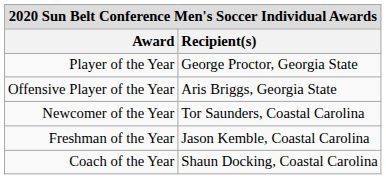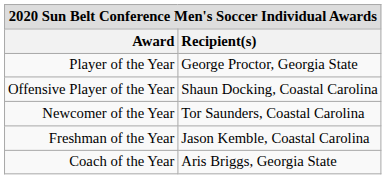 <table class="wikitable" style="white-space:nowrap; font-size:90%;">
 <tr>
 <td colspan="7" style="text-align:center; background:#ddd;"><strong>2020 Sun Belt Conference Men's Soccer Individual Awards</strong></td>
 </tr>
 <tr>
 <th style="text-align:right;">Award</th>
 <th style="text-align:left;">Recipient(s)</th>
 </tr>
 <tr>
 <td style="text-align:right;">Player of the Year</td>
 <td style="text-align:left;">George Proctor, Georgia State</td>
 </tr>
 <tr>
 <td style="text-align:right;">Offensive Player of the Year</td>
-<td style="text-align:left;">Aris Briggs, Georgia State</td>
+<td style="text-align:left;">Shaun Docking, Coastal Carolina</td>
 </tr>
 <tr>
 <td style="text-align:right;">Newcomer of the Year</td>
 <td style="text-align:left;">Tor Saunders, Coastal Carolina</td>
 </tr>
 <tr>
 <td style="text-align:right;">Freshman of the Year</td>
 <td style="text-align:left;">Jason Kemble, Coastal Carolina</td>
 </tr>
 <tr>
 <td style="text-align:right;">Coach of the Year</td>
-<td style="text-align:left;">Shaun Docking, Coastal Carolina</td>
+<td style="text-align:left;">Aris Briggs, Georgia State</td>
 </tr>
 </table>
